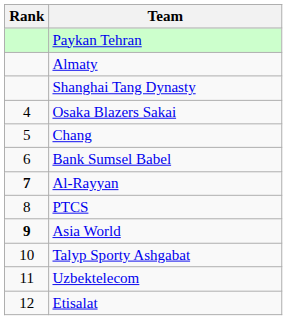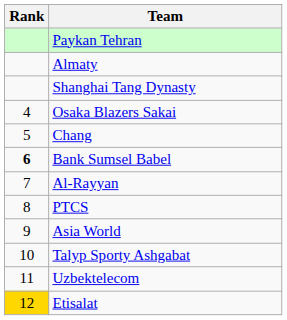 <table class="wikitable" style="text-align: center;">
 <tr>
 <th width=40>Rank</th>
 <th width=240>Team</th>
 </tr>
 <tr bgcolor=#CCFFCC>
 <td></td>
 <td align="left"> <a href='#'>Paykan Tehran</a></td>
 </tr>
 <tr>
 <td></td>
 <td align="left"> <a href='#'>Almaty</a></td>
 </tr>
 <tr>
 <td></td>
 <td align="left"> <a href='#'>Shanghai Tang Dynasty</a></td>
 </tr>
 <tr>
 <td>4</td>
 <td align="left"> <a href='#'>Osaka Blazers Sakai</a></td>
 </tr>
 <tr>
 <td>5</td>
 <td align="left"> <a href='#'>Chang</a></td>
 </tr>
 <tr>
-<td>6</td>
+<td><strong>6</strong></td>
 <td align="left"> <a href='#'>Bank Sumsel Babel</a></td>
 </tr>
 <tr>
-<td><strong>7</strong></td>
+<td>7</td>
 <td align="left"> <a href='#'>Al-Rayyan</a></td>
 </tr>
 <tr>
 <td>8</td>
 <td align="left"> <a href='#'>PTCS</a></td>
 </tr>
 <tr>
-<td><strong>9</strong></td>
+<td>9</td>
 <td align="left"> <a href='#'>Asia World</a></td>
 </tr>
 <tr>
 <td>10</td>
 <td align="left"> <a href='#'>Talyp Sporty Ashgabat</a></td>
 </tr>
 <tr>
 <td>11</td>
 <td align="left"> <a href='#'>Uzbektelecom</a></td>
 </tr>
 <tr>
-<td>12</td>
+<td style="background: gold;">12</td>
 <td align="left"> <a href='#'>Etisalat</a></td>
 </tr>
 </table>
